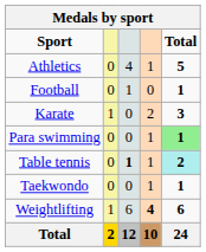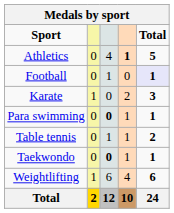 <table class="wikitable" style="font-size:85%">
 <tr style="background:#efefef;">
 <th colspan=7>Medals by sport</th>
 </tr>
 <tr align=center>
 <td><strong>Sport</strong></td>
 <td bgcolor=#f7f6a8></td>
 <td bgcolor=#dce5e5></td>
 <td bgcolor=#ffdab9></td>
 <td><strong>Total</strong></td>
 </tr>
 <tr align=center>
 <td><a href='#'>Athletics</a></td>
 <td style="background:#F7F6A8;">0</td>
 <td style="background:#DCE5E5;">4</td>
-<td style="background:#FFDAB9;">1</td>
+<td style="background:#FFDAB9;"><strong>1</strong></td>
 <td><strong>5</strong></td>
 </tr>
 <tr align=center>
 <td><a href='#'>Football</a></td>
 <td style="background:#F7F6A8;">0</td>
 <td style="background:#DCE5E5;">1</td>
 <td style="background:#FFDAB9;">0</td>
-<td><strong>1</strong></td>
+<td style="background: lavender;"><strong>1</strong></td>
 </tr>
 <tr align=center>
 <td><a href='#'>Karate</a></td>
 <td style="background:#F7F6A8;">1</td>
 <td style="background:#DCE5E5;">0</td>
 <td style="background:#FFDAB9;">2</td>
 <td><strong>3</strong></td>
 </tr>
 <tr align=center>
 <td><a href='#'>Para swimming</a></td>
 <td style="background:#F7F6A8;">0</td>
-<td style="background:#DCE5E5;">0</td>
+<td style="background:#DCE5E5;"><strong>0</strong></td>
 <td style="background:#FFDAB9;">1</td>
-<td style="background: lightgreen;"><strong>1</strong></td>
+<td><strong>1</strong></td>
 </tr>
 <tr align=center>
 <td><a href='#'>Table tennis</a></td>
 <td style="background:#F7F6A8;">0</td>
-<td style="background:#DCE5E5;"><strong>1</strong></td>
+<td style="background:#DCE5E5;">1</td>
 <td style="background:#FFDAB9;">1</td>
-<td style="background: paleturquoise;"><strong>2</strong></td>
+<td><strong>2</strong></td>
 </tr>
 <tr align=center>
 <td><a href='#'>Taekwondo</a></td>
 <td style="background:#F7F6A8;">0</td>
-<td style="background:#DCE5E5;">0</td>
+<td style="background:#DCE5E5;"><strong>0</strong></td>
 <td style="background:#FFDAB9;">1</td>
 <td><strong>1</strong></td>
 </tr>
 <tr align=center>
 <td><a href='#'>Weightlifting</a></td>
 <td style="background:#F7F6A8;">1</td>
 <td style="background:#DCE5E5;">6</td>
-<td style="background:#FFDAB9;"><strong>4</strong></td>
+<td style="background:#FFDAB9;">4</td>
 <td><strong>6</strong></td>
 </tr>
 <tr align=center>
 <th>Total</th>
 <th style="background:gold;">2</th>
 <th style="background:silver;">12</th>
 <th style="background:#c96;">10</th>
 <th>24</th>
 </tr>
 </table>
